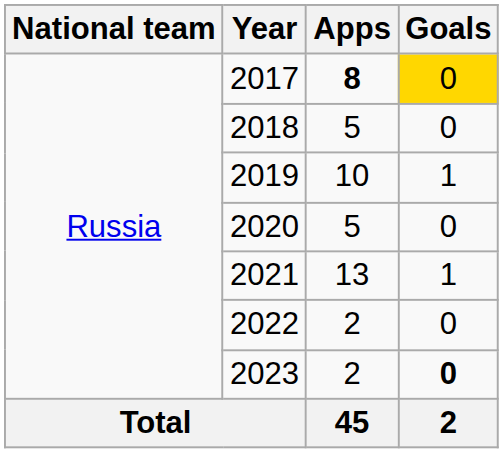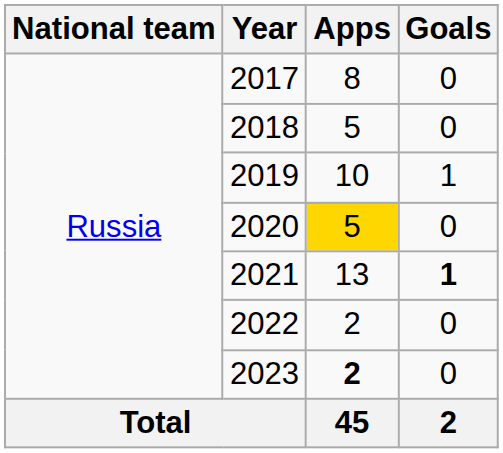 <table class="wikitable" style="text-align:center">
 <tr>
 <th>National team</th>
 <th>Year</th>
 <th>Apps</th>
 <th>Goals</th>
 </tr>
 <tr>
 <td rowspan="7"><a href='#'>Russia</a></td>
 <td>2017</td>
-<td><strong>8</strong></td>
-<td style="background: gold;">0</td>
+<td>8</td>
+<td>0</td>
 </tr>
 <tr>
 <td>2018</td>
 <td>5</td>
 <td>0</td>
 </tr>
 <tr>
 <td>2019</td>
 <td>10</td>
 <td>1</td>
 </tr>
 <tr>
 <td>2020</td>
-<td>5</td>
+<td style="background: gold;">5</td>
 <td>0</td>
 </tr>
 <tr>
 <td>2021</td>
 <td>13</td>
-<td>1</td>
+<td><strong>1</strong></td>
 </tr>
 <tr>
 <td>2022</td>
 <td>2</td>
 <td>0</td>
 </tr>
 <tr>
 <td>2023</td>
-<td>2</td>
-<td><strong>0</strong></td>
+<td><strong>2</strong></td>
+<td>0</td>
 </tr>
 <tr>
 <th colspan="2">Total</th>
 <th>45</th>
 <th>2</th>
 </tr>
 </table>
